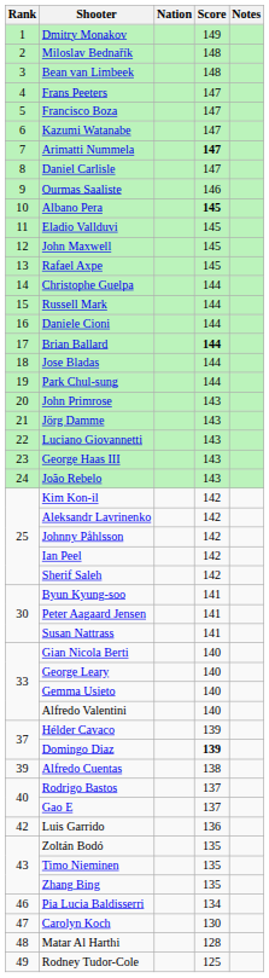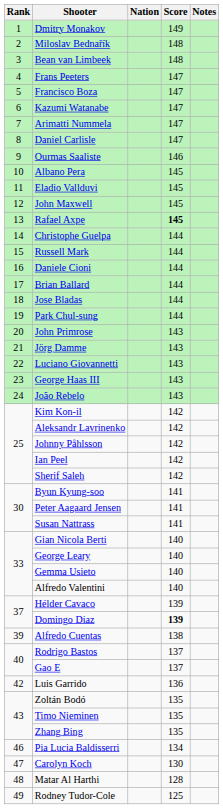 <table class="wikitable sortable" style="text-align: center">
 <tr>
 <th>Rank</th>
 <th>Shooter</th>
 <th>Nation</th>
 <th>Score</th>
 <th>Notes</th>
 </tr>
 <tr bgcolor=#bbf3bb>
 <td>1</td>
 <td align=left><a href='#'>Dmitry Monakov</a></td>
 <td align=left></td>
 <td>149</td>
 <td></td>
 </tr>
 <tr bgcolor=#bbf3bb>
 <td>2</td>
 <td align=left><a href='#'>Miloslav Bednařík</a></td>
 <td align=left></td>
 <td>148</td>
 <td></td>
 </tr>
 <tr bgcolor=#bbf3bb>
 <td>3</td>
 <td align=left><a href='#'>Bean van Limbeek</a></td>
 <td align=left></td>
 <td>148</td>
 <td></td>
 </tr>
 <tr bgcolor=#bbf3bb>
 <td>4</td>
 <td align=left><a href='#'>Frans Peeters</a></td>
 <td align=left></td>
 <td>147</td>
 <td></td>
 </tr>
 <tr bgcolor=#bbf3bb>
 <td>5</td>
 <td align=left><a href='#'>Francisco Boza</a></td>
 <td align=left></td>
 <td>147</td>
 <td></td>
 </tr>
 <tr bgcolor=#bbf3bb>
 <td>6</td>
 <td align=left><a href='#'>Kazumi Watanabe</a></td>
 <td align=left></td>
 <td>147</td>
 <td></td>
 </tr>
 <tr bgcolor=#bbf3bb>
 <td>7</td>
 <td align=left><a href='#'>Arimatti Nummela</a></td>
 <td align=left></td>
-<td><strong>147</strong></td>
+<td>147</td>
 <td></td>
 </tr>
 <tr bgcolor=#bbf3bb>
 <td>8</td>
 <td align=left><a href='#'>Daniel Carlisle</a></td>
 <td align=left></td>
 <td>147</td>
 <td></td>
 </tr>
 <tr bgcolor=#bbf3bb>
 <td>9</td>
 <td align=left><a href='#'>Ourmas Saaliste</a></td>
 <td align=left></td>
 <td>146</td>
 <td></td>
 </tr>
 <tr bgcolor=#bbf3bb>
 <td>10</td>
 <td align=left><a href='#'>Albano Pera</a></td>
 <td align=left></td>
-<td><strong>145</strong></td>
+<td>145</td>
 <td></td>
 </tr>
 <tr bgcolor=#bbf3bb>
 <td>11</td>
 <td align=left><a href='#'>Eladio Vallduvi</a></td>
 <td align=left></td>
 <td>145</td>
 <td></td>
 </tr>
 <tr bgcolor=#bbf3bb>
 <td>12</td>
 <td align=left><a href='#'>John Maxwell</a></td>
 <td align=left></td>
 <td>145</td>
 <td></td>
 </tr>
 <tr bgcolor=#bbf3bb>
 <td>13</td>
 <td align=left><a href='#'>Rafael Axpe</a></td>
 <td align=left></td>
-<td>145</td>
+<td><strong>145</strong></td>
 <td></td>
 </tr>
 <tr bgcolor=#bbf3bb>
 <td>14</td>
 <td align=left><a href='#'>Christophe Guelpa</a></td>
 <td align=left></td>
 <td>144</td>
 <td></td>
 </tr>
 <tr bgcolor=#bbf3bb>
 <td>15</td>
 <td align=left><a href='#'>Russell Mark</a></td>
 <td align=left></td>
 <td>144</td>
 <td></td>
 </tr>
 <tr bgcolor=#bbf3bb>
 <td>16</td>
 <td align=left><a href='#'>Daniele Cioni</a></td>
 <td align=left></td>
 <td>144</td>
 <td></td>
 </tr>
 <tr bgcolor=#bbf3bb>
 <td>17</td>
 <td align=left><a href='#'>Brian Ballard</a></td>
 <td align=left></td>
-<td><strong>144</strong></td>
+<td>144</td>
 <td></td>
 </tr>
 <tr bgcolor=#bbf3bb>
 <td>18</td>
 <td align=left><a href='#'>Jose Bladas</a></td>
 <td align=left></td>
 <td>144</td>
 <td></td>
 </tr>
 <tr bgcolor=#bbf3bb>
 <td>19</td>
 <td align=left><a href='#'>Park Chul-sung</a></td>
 <td align=left></td>
 <td>144</td>
 <td></td>
 </tr>
 <tr bgcolor=#bbf3bb>
 <td>20</td>
 <td align=left><a href='#'>John Primrose</a></td>
 <td align=left></td>
 <td>143</td>
 <td></td>
 </tr>
 <tr bgcolor=#bbf3bb>
 <td>21</td>
 <td align=left><a href='#'>Jörg Damme</a></td>
 <td align=left></td>
 <td>143</td>
 <td></td>
 </tr>
 <tr bgcolor=#bbf3bb>
 <td>22</td>
 <td align=left><a href='#'>Luciano Giovannetti</a></td>
 <td align=left></td>
 <td>143</td>
 <td></td>
 </tr>
 <tr bgcolor=#bbf3bb>
 <td>23</td>
 <td align=left><a href='#'>George Haas III</a></td>
 <td align=left></td>
 <td>143</td>
 <td></td>
 </tr>
 <tr bgcolor=#bbf3bb>
 <td>24</td>
 <td align=left><a href='#'>João Rebelo</a></td>
 <td align=left></td>
 <td>143</td>
 <td></td>
 </tr>
 <tr>
 <td rowspan=5>25</td>
 <td align=left><a href='#'>Kim Kon-il</a></td>
 <td align=left></td>
 <td>142</td>
 <td></td>
 </tr>
 <tr>
 <td align=left><a href='#'>Aleksandr Lavrinenko</a></td>
 <td align=left></td>
 <td>142</td>
 <td></td>
 </tr>
 <tr>
 <td align=left><a href='#'>Johnny Påhlsson</a></td>
 <td align=left></td>
 <td>142</td>
 <td></td>
 </tr>
 <tr>
 <td align=left><a href='#'>Ian Peel</a></td>
 <td align=left></td>
 <td>142</td>
 <td></td>
 </tr>
 <tr>
 <td align=left><a href='#'>Sherif Saleh</a></td>
 <td align=left></td>
 <td>142</td>
 <td></td>
 </tr>
 <tr>
 <td rowspan=3>30</td>
 <td align=left><a href='#'>Byun Kyung-soo</a></td>
 <td align=left></td>
 <td>141</td>
 <td></td>
 </tr>
 <tr>
 <td align=left><a href='#'>Peter Aagaard Jensen</a></td>
 <td align=left></td>
 <td>141</td>
 <td></td>
 </tr>
 <tr>
 <td align=left><a href='#'>Susan Nattrass</a></td>
 <td align=left></td>
 <td>141</td>
 <td></td>
 </tr>
 <tr>
 <td rowspan=4>33</td>
 <td align=left><a href='#'>Gian Nicola Berti</a></td>
 <td align=left></td>
 <td>140</td>
 <td></td>
 </tr>
 <tr>
 <td align=left><a href='#'>George Leary</a></td>
 <td align=left></td>
 <td>140</td>
 <td></td>
 </tr>
 <tr>
 <td align=left><a href='#'>Gemma Usieto</a></td>
 <td align=left></td>
 <td>140</td>
 <td></td>
 </tr>
 <tr>
 <td align=left>Alfredo Valentini</td>
 <td align=left></td>
 <td>140</td>
 <td></td>
 </tr>
 <tr>
 <td rowspan=2>37</td>
 <td align=left><a href='#'>Hélder Cavaco</a></td>
 <td align=left></td>
 <td>139</td>
 <td></td>
 </tr>
 <tr>
 <td align=left><a href='#'>Domingo Diaz</a></td>
 <td align=left></td>
 <td><strong>139</strong></td>
 <td></td>
 </tr>
 <tr>
 <td>39</td>
 <td align=left><a href='#'>Alfredo Cuentas</a></td>
 <td align=left></td>
 <td>138</td>
 <td></td>
 </tr>
 <tr>
 <td rowspan=2>40</td>
 <td align=left><a href='#'>Rodrigo Bastos</a></td>
 <td align=left></td>
 <td>137</td>
 <td></td>
 </tr>
 <tr>
 <td align=left><a href='#'>Gao E</a></td>
 <td align=left></td>
 <td>137</td>
 <td></td>
 </tr>
 <tr>
 <td>42</td>
 <td align=left>Luis Garrido</td>
 <td align=left></td>
 <td>136</td>
 <td></td>
 </tr>
 <tr>
 <td rowspan=3>43</td>
 <td align=left>Zoltán Bodó</td>
 <td align=left></td>
 <td>135</td>
 <td></td>
 </tr>
 <tr>
 <td align=left><a href='#'>Timo Nieminen</a></td>
 <td align=left></td>
 <td>135</td>
 <td></td>
 </tr>
 <tr>
 <td align=left><a href='#'>Zhang Bing</a></td>
 <td align=left></td>
 <td>135</td>
 <td></td>
 </tr>
 <tr>
 <td>46</td>
 <td align=left><a href='#'>Pia Lucia Baldisserri</a></td>
 <td align=left></td>
 <td>134</td>
 <td></td>
 </tr>
 <tr>
 <td>47</td>
 <td align=left><a href='#'>Carolyn Koch</a></td>
 <td align=left></td>
 <td>130</td>
 <td></td>
 </tr>
 <tr>
 <td>48</td>
 <td align=left>Matar Al Harthi</td>
 <td align=left></td>
 <td>128</td>
 <td></td>
 </tr>
 <tr>
 <td>49</td>
 <td align=left>Rodney Tudor-Cole</td>
 <td align=left></td>
 <td>125</td>
 <td></td>
 </tr>
 </table>
